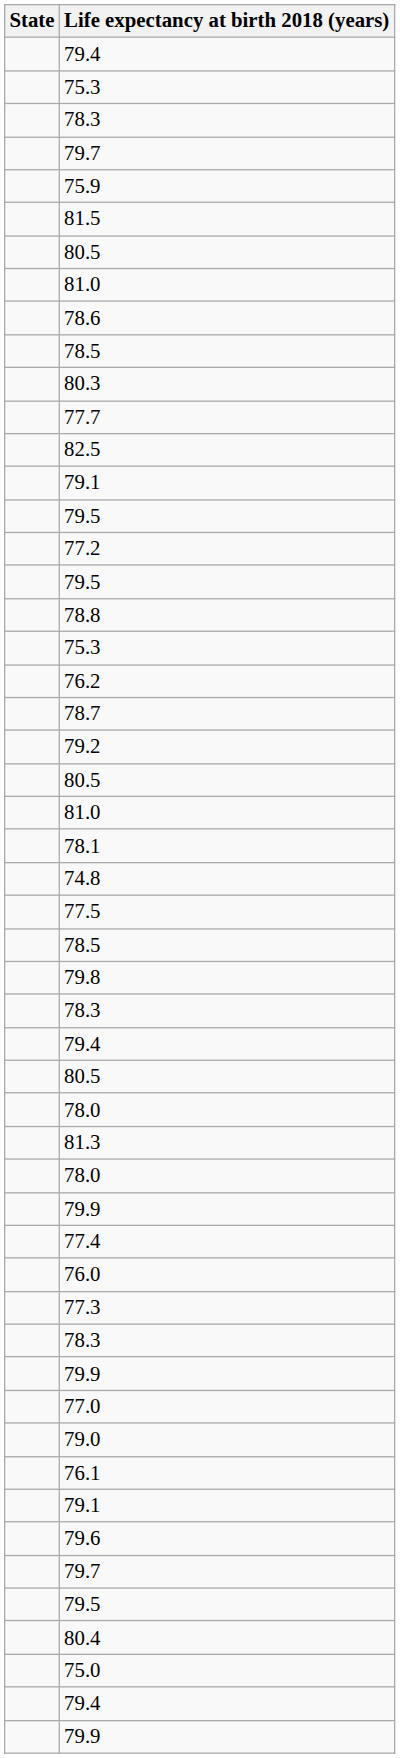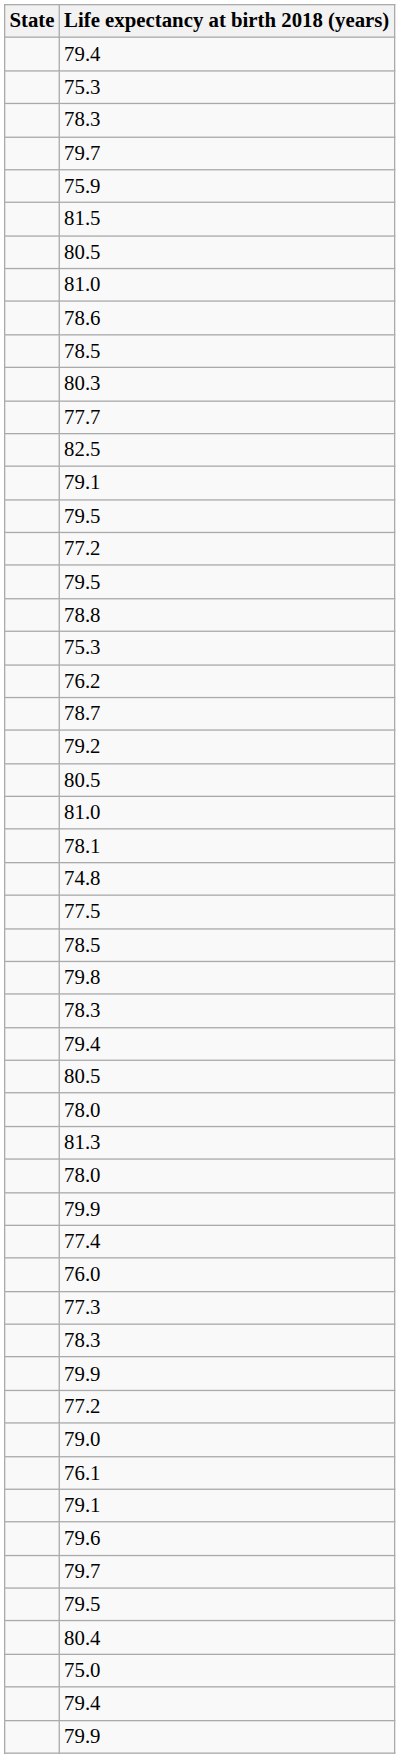 <table class="wikitable sortable">
 <tr>
 <th>State</th>
 <th>Life expectancy at birth 2018 (years)</th>
 </tr>
 <tr>
 <td></td>
 <td>79.4</td>
 </tr>
 <tr>
 <td></td>
 <td>75.3</td>
 </tr>
 <tr>
 <td></td>
 <td>78.3</td>
 </tr>
 <tr>
 <td></td>
 <td>79.7</td>
 </tr>
 <tr>
 <td></td>
 <td>75.9</td>
 </tr>
 <tr>
 <td></td>
 <td>81.5</td>
 </tr>
 <tr>
 <td></td>
 <td>80.5</td>
 </tr>
 <tr>
 <td></td>
 <td>81.0</td>
 </tr>
 <tr>
 <td></td>
 <td>78.6</td>
 </tr>
 <tr>
 <td></td>
 <td>78.5</td>
 </tr>
 <tr>
 <td></td>
 <td>80.3</td>
 </tr>
 <tr>
 <td></td>
 <td>77.7</td>
 </tr>
 <tr>
 <td></td>
 <td>82.5</td>
 </tr>
 <tr>
 <td></td>
 <td>79.1</td>
 </tr>
 <tr>
 <td></td>
 <td>79.5</td>
 </tr>
 <tr>
 <td></td>
 <td>77.2</td>
 </tr>
 <tr>
 <td></td>
 <td>79.5</td>
 </tr>
 <tr>
 <td></td>
 <td>78.8</td>
 </tr>
 <tr>
 <td></td>
 <td>75.3</td>
 </tr>
 <tr>
 <td></td>
 <td>76.2</td>
 </tr>
 <tr>
 <td></td>
 <td>78.7</td>
 </tr>
 <tr>
 <td></td>
 <td>79.2</td>
 </tr>
 <tr>
 <td></td>
 <td>80.5</td>
 </tr>
 <tr>
 <td></td>
 <td>81.0</td>
 </tr>
 <tr>
 <td></td>
 <td>78.1</td>
 </tr>
 <tr>
 <td></td>
 <td>74.8</td>
 </tr>
 <tr>
 <td></td>
 <td>77.5</td>
 </tr>
 <tr>
 <td></td>
 <td>78.5</td>
 </tr>
 <tr>
 <td></td>
 <td>79.8</td>
 </tr>
 <tr>
 <td></td>
 <td>78.3</td>
 </tr>
 <tr>
 <td></td>
 <td>79.4</td>
 </tr>
 <tr>
 <td></td>
 <td>80.5</td>
 </tr>
 <tr>
 <td></td>
 <td>78.0</td>
 </tr>
 <tr>
 <td></td>
 <td>81.3</td>
 </tr>
 <tr>
 <td></td>
 <td>78.0</td>
 </tr>
 <tr>
 <td></td>
 <td>79.9</td>
 </tr>
 <tr>
 <td></td>
 <td>77.4</td>
 </tr>
 <tr>
 <td></td>
 <td>76.0</td>
 </tr>
 <tr>
 <td></td>
 <td>77.3</td>
 </tr>
 <tr>
 <td></td>
 <td>78.3</td>
 </tr>
 <tr>
 <td></td>
 <td>79.9</td>
 </tr>
 <tr>
 <td></td>
-<td>77.0</td>
+<td>77.2</td>
 </tr>
 <tr>
 <td></td>
 <td>79.0</td>
 </tr>
 <tr>
 <td></td>
 <td>76.1</td>
 </tr>
 <tr>
 <td></td>
 <td>79.1</td>
 </tr>
 <tr>
 <td></td>
 <td>79.6</td>
 </tr>
 <tr>
 <td></td>
 <td>79.7</td>
 </tr>
 <tr>
 <td></td>
 <td>79.5</td>
 </tr>
 <tr>
 <td></td>
 <td>80.4</td>
 </tr>
 <tr>
 <td></td>
 <td>75.0</td>
 </tr>
 <tr>
 <td></td>
 <td>79.4</td>
 </tr>
 <tr>
 <td></td>
 <td>79.9</td>
 </tr>
 </table>
